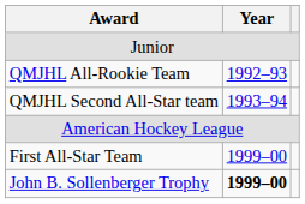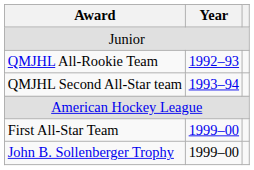 <table class="wikitable">
 <tr>
 <th>Award</th>
 <th>Year</th>
 <th></th>
 </tr>
 <tr ALIGN="center" bgcolor="#e0e0e0">
 <td colspan="3">Junior</td>
 </tr>
 <tr>
 <td><a href='#'>QMJHL</a> All-Rookie Team</td>
 <td><a href='#'>1992–93</a></td>
 <td></td>
 </tr>
 <tr>
 <td>QMJHL Second All-Star team</td>
 <td><a href='#'>1993–94</a></td>
 <td></td>
 </tr>
 <tr ALIGN="center" bgcolor="#e0e0e0">
 <td colspan="3"><a href='#'>American Hockey League</a></td>
 </tr>
 <tr>
 <td>First All-Star Team</td>
 <td><a href='#'>1999–00</a></td>
 <td></td>
 </tr>
 <tr>
 <td><a href='#'>John B. Sollenberger Trophy</a></td>
-<td><strong>1999–00</strong></td>
+<td>1999–00</td>
 <td></td>
 </tr>
 </table>
